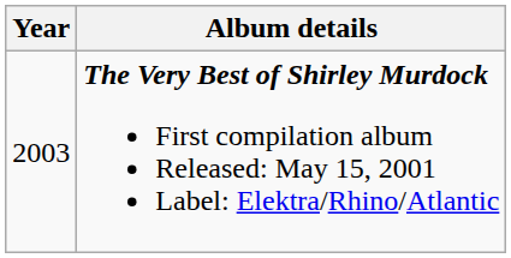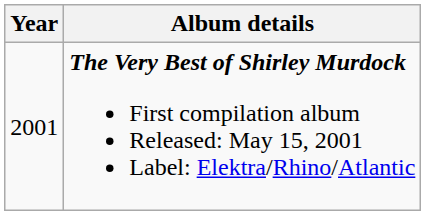 <table class="wikitable plainrowheaders" style="text-align:center;">
 <tr>
 <th>Year</th>
 <th>Album details</th>
 </tr>
 <tr>
-<td>2003</td>
+<td>2001</td>
 <td align="left"><strong><em>The Very Best of Shirley Murdock</em></strong><br><ul><li>First compilation album</li><li>Released: May 15, 2001</li><li>Label: <a href='#'>Elektra</a>/<a href='#'>Rhino</a>/<a href='#'>Atlantic</a></li></ul></td>
 </tr>
 </table>
